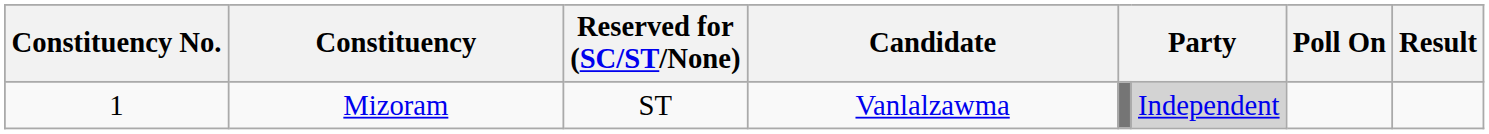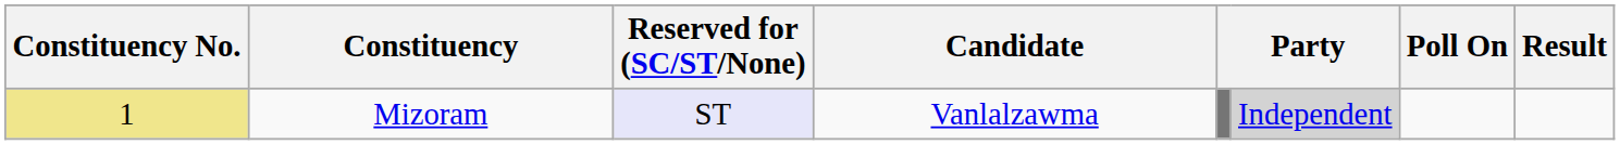 <table class="wikitable sortable" style="text-align:center;">
 <tr>
 <th>Constituency No.</th>
 <th style="width:180px;">Constituency</th>
 <th>Reserved for<br>(<a href='#'>SC/ST</a>/None)</th>
 <th style="width:200px;">Candidate</th>
 <th colspan="2">Party</th>
 <th>Poll On</th>
 <th>Result</th>
 </tr>
 <tr>
-<td style="text-align:center;">1</td>
+<td style="background: khaki; text-align:center;">1</td>
 <td><a href='#'>Mizoram</a></td>
-<td>ST</td>
+<td style="background: lavender;">ST</td>
 <td><a href='#'>Vanlalzawma</a></td>
 <td bgcolor=#757575></td>
 <td style="background: lightgrey;"><a href='#'>Independent</a></td>
 <td></td>
 <td></td>
 </tr>
 </table>
